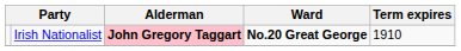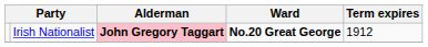 <table class="wikitable">
 <tr>
 <th colspan="2">Party</th>
 <th>Alderman</th>
 <th>Ward</th>
 <th>Term expires</th>
 </tr>
 <tr>
 <td style="background-color:"></td>
 <td><a href='#'>Irish Nationalist</a></td>
 <td style="background: pink;"><strong>John Gregory Taggart</strong></td>
 <td><strong>No.20 Great George</strong></td>
-<td>1910</td>
+<td>1912</td>
 </tr>
 <tr>
 </tr>
 </table>
